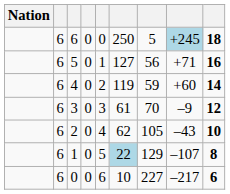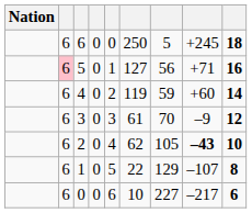 <table class="wikitable" style="text-align: center;">
 <tr>
 <th>Nation</th>
 <th></th>
 <th></th>
 <th></th>
 <th></th>
 <th></th>
 <th></th>
 <th></th>
 <th></th>
 </tr>
 <tr>
 <td align=left></td>
 <td>6</td>
 <td>6</td>
 <td>0</td>
 <td>0</td>
 <td>250</td>
 <td>5</td>
-<td style="background: lightblue;">+245</td>
+<td>+245</td>
 <td><strong>18</strong></td>
 </tr>
 <tr>
 <td align=left></td>
-<td>6</td>
+<td style="background: pink;">6</td>
 <td>5</td>
 <td>0</td>
 <td>1</td>
 <td>127</td>
 <td>56</td>
 <td>+71</td>
 <td><strong>16</strong></td>
 </tr>
 <tr>
 <td align=left></td>
 <td>6</td>
 <td>4</td>
 <td>0</td>
 <td>2</td>
 <td>119</td>
 <td>59</td>
 <td>+60</td>
 <td><strong>14</strong></td>
 </tr>
 <tr>
 <td align=left></td>
 <td>6</td>
 <td>3</td>
 <td>0</td>
 <td>3</td>
 <td>61</td>
 <td>70</td>
 <td>–9</td>
 <td><strong>12</strong></td>
 </tr>
 <tr>
 <td align=left></td>
 <td>6</td>
 <td>2</td>
 <td>0</td>
 <td>4</td>
 <td>62</td>
 <td>105</td>
-<td>–43</td>
+<td><strong>–43</strong></td>
 <td><strong>10</strong></td>
 </tr>
 <tr>
 <td align=left></td>
 <td>6</td>
 <td>1</td>
 <td>0</td>
 <td>5</td>
-<td style="background: lightblue;">22</td>
+<td>22</td>
 <td>129</td>
 <td>–107</td>
 <td><strong>8</strong></td>
 </tr>
 <tr>
 <td align=left></td>
 <td>6</td>
 <td>0</td>
 <td>0</td>
 <td>6</td>
 <td>10</td>
 <td>227</td>
 <td>–217</td>
 <td><strong>6</strong></td>
 </tr>
 </table>
